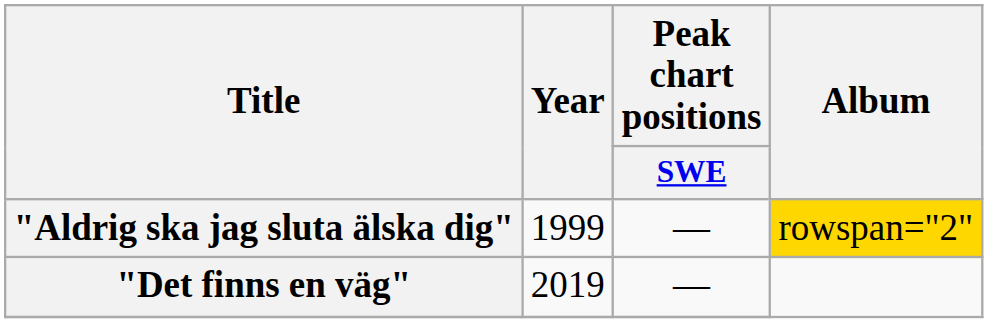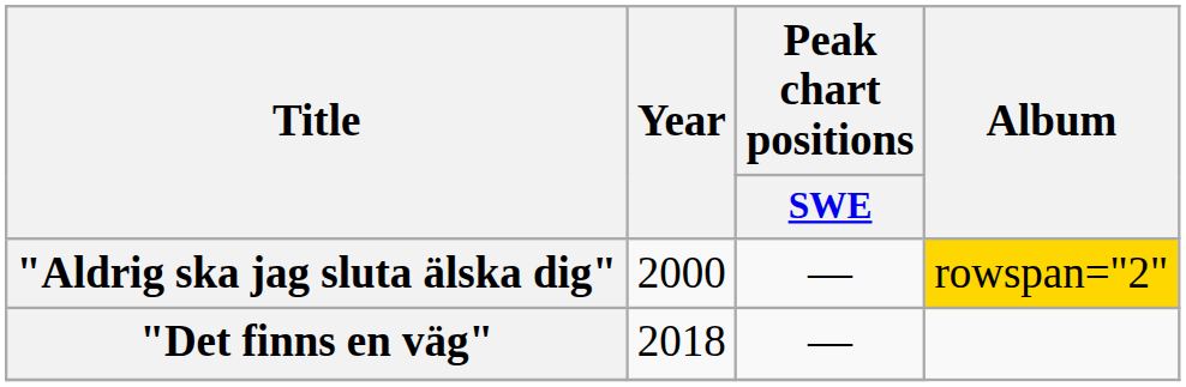 <table class="wikitable plainrowheaders" style="text-align:center;">
 <tr>
 <th scope="col" rowspan="2">Title</th>
 <th scope="col" rowspan="2">Year</th>
 <th scope="col" colspan="1">Peak chart positions</th>
 <th scope="col" rowspan="2">Album</th>
 </tr>
 <tr>
 <th scope="col" style="width:3em;font-size:85%;"><a href='#'>SWE</a></th>
 </tr>
 <tr>
 <th scope="row">"Aldrig ska jag sluta älska dig"</th>
-<td>1999</td>
+<td>2000</td>
 <td>—</td>
 <td style="background: gold;">rowspan="2" </td>
 </tr>
 <tr>
 <th scope="row">"Det finns en väg"</th>
-<td>2019</td>
+<td>2018</td>
 <td>—</td>
 </tr>
 <tr>
 </tr>
 </table>
